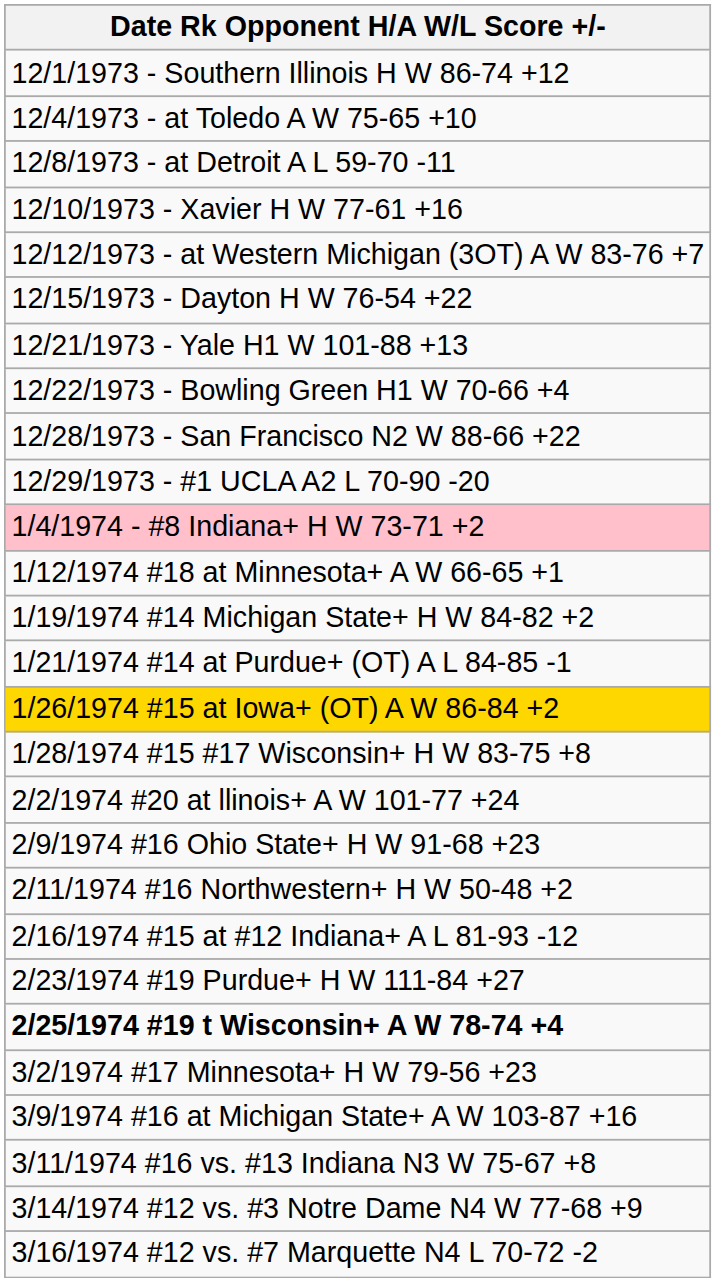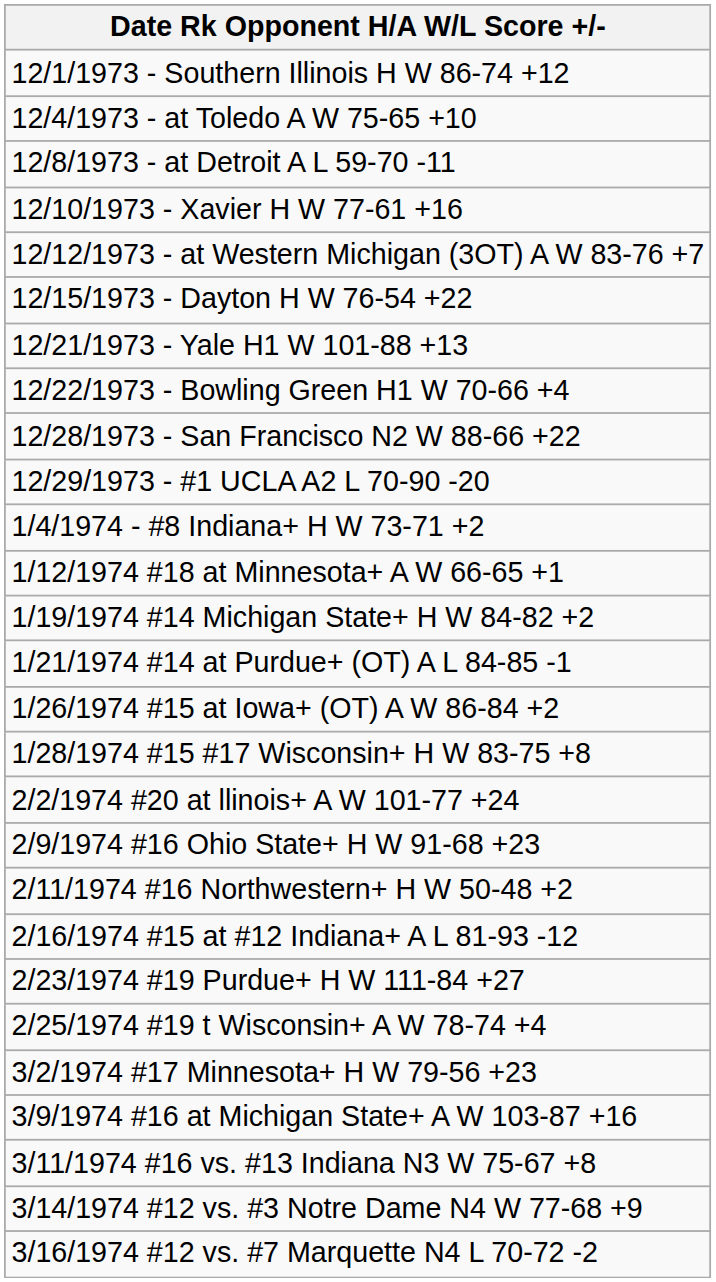 <table class="wikitable">
 <tr>
 <th>Date Rk Opponent H/A W/L Score +/-</th>
 </tr>
 <tr>
 <td>12/1/1973 - Southern Illinois H W 86-74 +12</td>
 </tr>
 <tr>
 <td>12/4/1973 - at Toledo A W 75-65 +10</td>
 </tr>
 <tr>
 <td>12/8/1973 - at Detroit A L 59-70 -11</td>
 </tr>
 <tr>
 <td>12/10/1973 - Xavier H W 77-61 +16</td>
 </tr>
 <tr>
 <td>12/12/1973 - at Western Michigan (3OT) A W 83-76 +7</td>
 </tr>
 <tr>
 <td>12/15/1973 - Dayton H W 76-54 +22</td>
 </tr>
 <tr>
 <td>12/21/1973 - Yale H1 W 101-88 +13</td>
 </tr>
 <tr>
 <td>12/22/1973 - Bowling Green H1 W 70-66 +4</td>
 </tr>
 <tr>
 <td>12/28/1973 - San Francisco N2 W 88-66 +22</td>
 </tr>
 <tr>
 <td>12/29/1973 - #1 UCLA A2 L 70-90 -20</td>
 </tr>
 <tr>
-<td style="background: pink;">1/4/1974 - #8 Indiana+ H W 73-71 +2</td>
+<td>1/4/1974 - #8 Indiana+ H W 73-71 +2</td>
 </tr>
 <tr>
 <td>1/12/1974 #18 at Minnesota+ A W 66-65 +1</td>
 </tr>
 <tr>
 <td>1/19/1974 #14 Michigan State+ H W 84-82 +2</td>
 </tr>
 <tr>
 <td>1/21/1974 #14 at Purdue+ (OT) A L 84-85 -1</td>
 </tr>
 <tr>
-<td style="background: gold;">1/26/1974 #15 at Iowa+ (OT) A W 86-84 +2</td>
+<td>1/26/1974 #15 at Iowa+ (OT) A W 86-84 +2</td>
 </tr>
 <tr>
 <td>1/28/1974 #15 #17 Wisconsin+ H W 83-75 +8</td>
 </tr>
 <tr>
 <td>2/2/1974 #20 at llinois+ A W 101-77 +24</td>
 </tr>
 <tr>
 <td>2/9/1974 #16 Ohio State+ H W 91-68 +23</td>
 </tr>
 <tr>
 <td>2/11/1974 #16 Northwestern+ H W 50-48 +2</td>
 </tr>
 <tr>
 <td>2/16/1974 #15 at #12 Indiana+ A L 81-93 -12</td>
 </tr>
 <tr>
 <td>2/23/1974 #19 Purdue+ H W 111-84 +27</td>
 </tr>
 <tr>
-<td><strong>2/25/1974 #19 t Wisconsin+ A W 78-74 +4</strong></td>
+<td>2/25/1974 #19 t Wisconsin+ A W 78-74 +4</td>
 </tr>
 <tr>
 <td>3/2/1974 #17 Minnesota+ H W 79-56 +23</td>
 </tr>
 <tr>
 <td>3/9/1974 #16 at Michigan State+ A W 103-87 +16</td>
 </tr>
 <tr>
 <td>3/11/1974 #16 vs. #13 Indiana N3 W 75-67 +8</td>
 </tr>
 <tr>
 <td>3/14/1974 #12 vs. #3 Notre Dame N4 W 77-68 +9</td>
 </tr>
 <tr>
 <td>3/16/1974 #12 vs. #7 Marquette N4 L 70-72 -2</td>
 </tr>
 </table>
